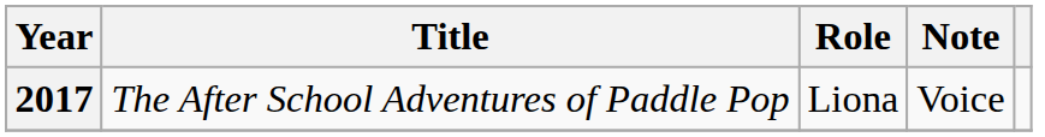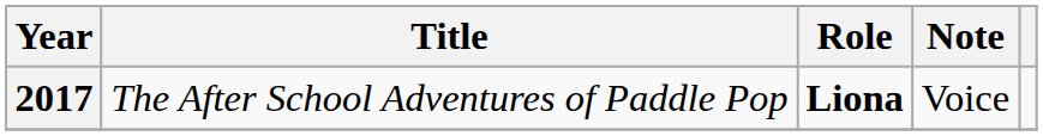 <table class="wikitable plainrowheaders sortable">
 <tr>
 <th>Year</th>
 <th>Title</th>
 <th>Role</th>
 <th scope="col" class="unsortable">Note</th>
 <th></th>
 </tr>
 <tr>
 <th scope="row">2017</th>
 <td><em>The After School Adventures of Paddle Pop</em></td>
-<td>Liona</td>
+<td><strong>Liona</strong></td>
 <td>Voice</td>
 <td></td>
 </tr>
 <tr>
 </tr>
 </table>
